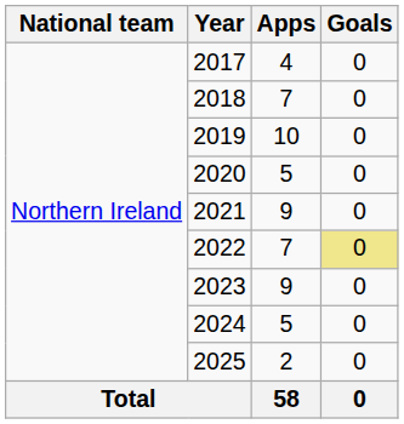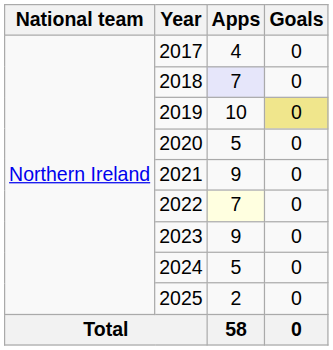 <table class=wikitable style="text-align: center;">
 <tr>
 <th>National team</th>
 <th>Year</th>
 <th>Apps</th>
 <th>Goals</th>
 </tr>
 <tr>
 <td rowspan=9><a href='#'>Northern Ireland</a></td>
 <td>2017</td>
 <td>4</td>
 <td>0</td>
 </tr>
 <tr>
 <td>2018</td>
-<td>7</td>
+<td style="background: lavender;">7</td>
 <td>0</td>
 </tr>
 <tr>
 <td>2019</td>
 <td>10</td>
-<td>0</td>
+<td style="background: khaki;">0</td>
 </tr>
 <tr>
 <td>2020</td>
 <td>5</td>
 <td>0</td>
 </tr>
 <tr>
 <td>2021</td>
 <td>9</td>
 <td>0</td>
 </tr>
 <tr>
 <td>2022</td>
-<td>7</td>
-<td style="background: khaki;">0</td>
+<td style="background: lightyellow;">7</td>
+<td>0</td>
 </tr>
 <tr>
 <td>2023</td>
 <td>9</td>
 <td>0</td>
 </tr>
 <tr>
 <td>2024</td>
 <td>5</td>
 <td>0</td>
 </tr>
 <tr>
 <td>2025</td>
 <td>2</td>
 <td>0</td>
 </tr>
 <tr>
 <th colspan=2>Total</th>
 <th>58</th>
 <th>0</th>
 </tr>
 </table>
